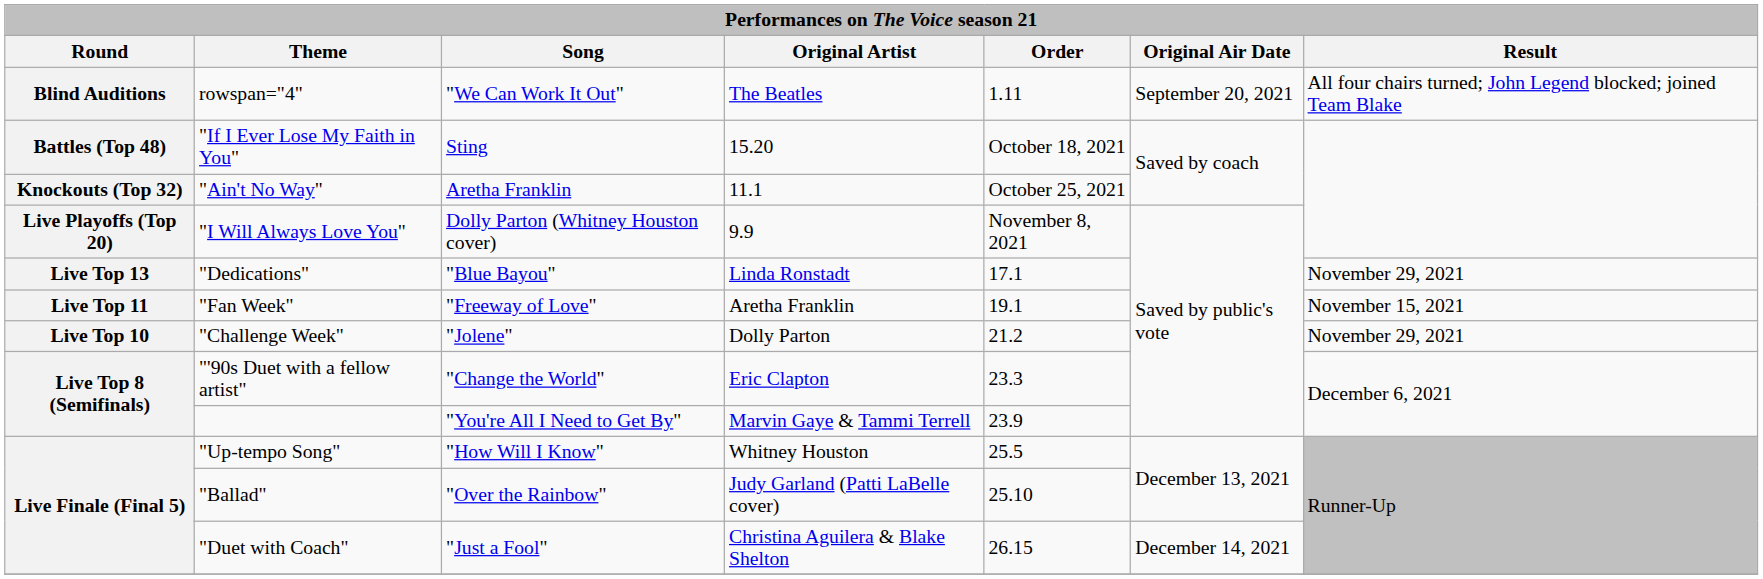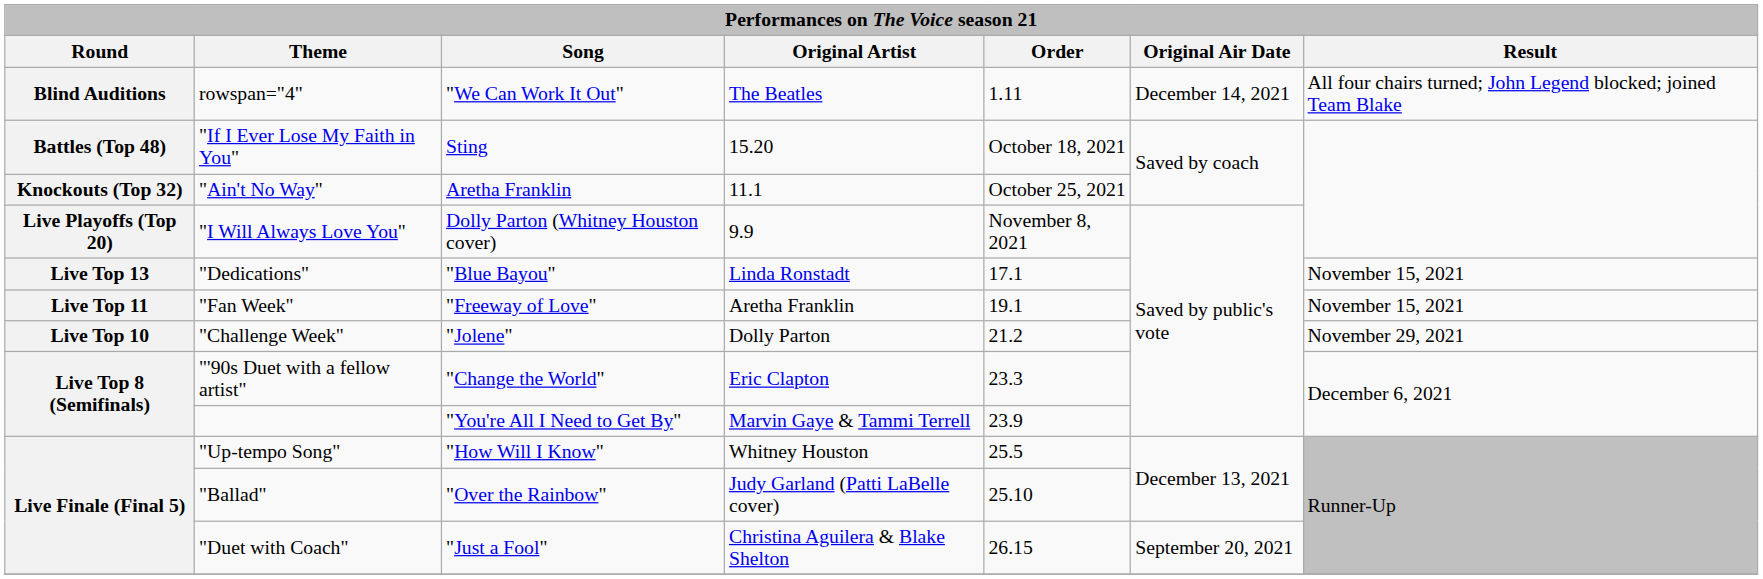 <table class="wikitable collapsible autocollapse" style="width:90%; margin:1em auto 1em auto;">
 <tr>
 <th colspan="7" style="background:#BFBFBF;">Performances on <em>The Voice</em> season 21</th>
 </tr>
 <tr>
 <th>Round</th>
 <th>Theme</th>
 <th>Song</th>
 <th>Original Artist</th>
 <th>Order</th>
 <th>Original Air Date</th>
 <th>Result</th>
 </tr>
 <tr>
 <th>Blind Auditions</th>
 <td>rowspan="4" </td>
 <td>"<a href='#'>We Can Work It Out</a>"</td>
 <td><a href='#'>The Beatles</a></td>
 <td>1.11</td>
-<td>September 20, 2021</td>
+<td>December 14, 2021</td>
 <td>All four chairs turned; <a href='#'>John Legend</a> blocked; joined <a href='#'>Team Blake</a></td>
 </tr>
 <tr>
 <th>Battles (Top 48)</th>
 <td>"<a href='#'>If I Ever Lose My Faith in You</a>" </td>
 <td><a href='#'>Sting</a></td>
 <td>15.20</td>
 <td>October 18, 2021</td>
 <td rowspan=2>Saved by coach</td>
 </tr>
 <tr>
 <th>Knockouts (Top 32)</th>
 <td>"<a href='#'>Ain't No Way</a>" </td>
 <td><a href='#'>Aretha Franklin</a></td>
 <td>11.1</td>
 <td>October 25, 2021</td>
 </tr>
 <tr>
 <th>Live Playoffs (Top 20)</th>
 <td>"<a href='#'>I Will Always Love You</a>"</td>
 <td><a href='#'>Dolly Parton</a> (<a href='#'>Whitney Houston</a> cover)</td>
 <td>9.9</td>
 <td>November 8, 2021</td>
 <td rowspan=6>Saved by public's vote</td>
 </tr>
 <tr>
 <th>Live Top 13</th>
 <td>"Dedications"</td>
 <td>"<a href='#'>Blue Bayou</a>"</td>
 <td><a href='#'>Linda Ronstadt</a></td>
 <td>17.1</td>
-<td>November 29, 2021</td>
+<td>November 15, 2021</td>
 </tr>
 <tr>
 <th>Live Top 11</th>
 <td>"Fan Week"</td>
 <td>"<a href='#'>Freeway of Love</a>"</td>
 <td>Aretha Franklin</td>
 <td>19.1</td>
 <td>November 15, 2021</td>
 </tr>
 <tr>
 <th>Live Top 10</th>
 <td>"Challenge Week"</td>
 <td>"<a href='#'>Jolene</a>"</td>
 <td>Dolly Parton</td>
 <td>21.2</td>
 <td>November 29, 2021</td>
 </tr>
 <tr>
 <th Rowspan=2>Live Top 8 (Semifinals)</th>
 <td>"'90s Duet with a fellow artist"</td>
 <td>"<a href='#'>Change the World</a>" </td>
 <td><a href='#'>Eric Clapton</a></td>
 <td>23.3</td>
 <td rowspan=2>December 6, 2021</td>
 </tr>
 <tr>
 <td></td>
 <td>"<a href='#'>You're All I Need to Get By</a>"</td>
 <td><a href='#'>Marvin Gaye</a> & <a href='#'>Tammi Terrell</a></td>
 <td>23.9</td>
 </tr>
 <tr>
 <th rowspan=3>Live Finale (Final 5)</th>
 <td>"Up-tempo Song"</td>
 <td>"<a href='#'>How Will I Know</a>"</td>
 <td>Whitney Houston</td>
 <td>25.5</td>
 <td Rowspan=2>December 13, 2021</td>
 <td Rowspan=3 style="background:silver;">Runner-Up</td>
 </tr>
 <tr>
 <td>"Ballad"</td>
 <td>"<a href='#'>Over the Rainbow</a>"</td>
 <td><a href='#'>Judy Garland</a> (<a href='#'>Patti LaBelle</a> cover)</td>
 <td>25.10</td>
 </tr>
 <tr>
 <td>"Duet with Coach"</td>
 <td>"<a href='#'>Just a Fool</a>" </td>
 <td><a href='#'>Christina Aguilera</a> & <a href='#'>Blake Shelton</a></td>
 <td>26.15</td>
-<td>December 14, 2021</td>
+<td>September 20, 2021</td>
 </tr>
 <tr>
 </tr>
 </table>
